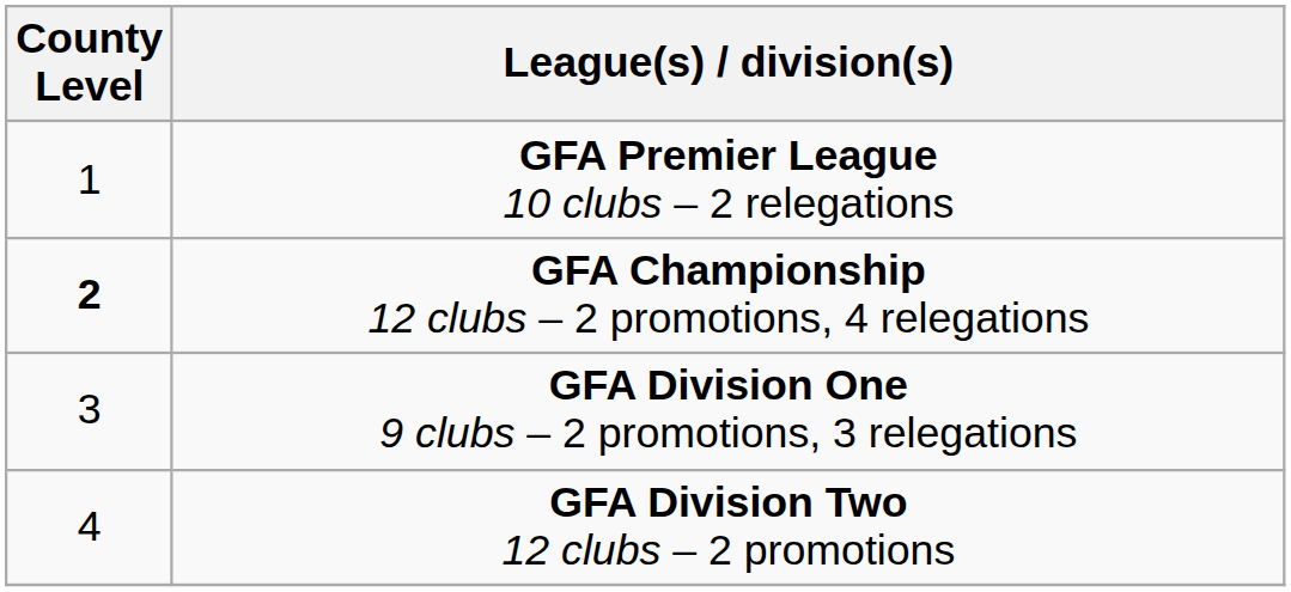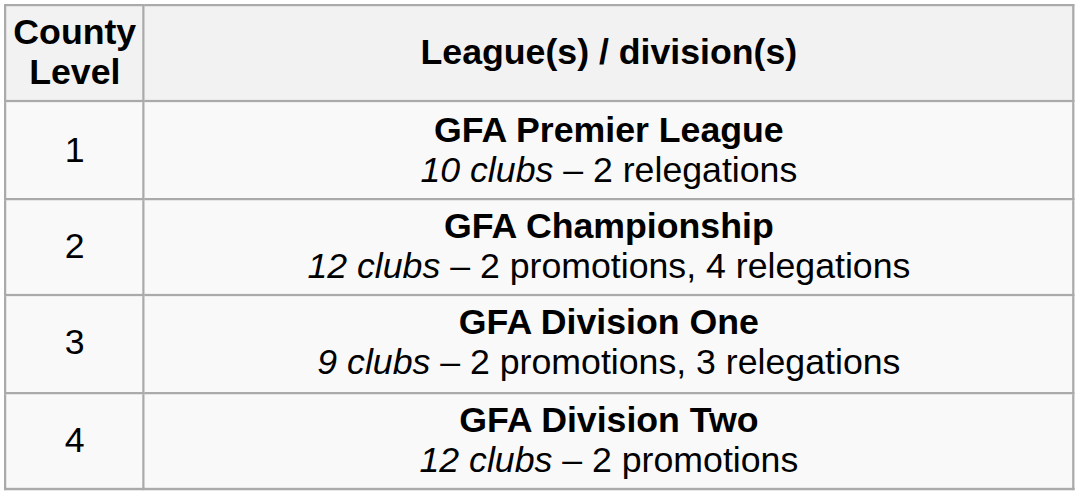 <table class="wikitable" style="text-align: center; max-width:30em;">
 <tr>
 <th width="4%">County Level</th>
 <th>League(s) / division(s)</th>
 </tr>
 <tr>
 <td>1</td>
 <td><strong>GFA Premier League</strong><br><em>10 clubs</em> – 2 relegations</td>
 </tr>
 <tr>
-<td><strong>2</strong></td>
+<td>2</td>
 <td><strong>GFA Championship</strong><br><em>12 clubs</em> – 2 promotions, 4 relegations</td>
 </tr>
 <tr>
 <td>3</td>
 <td><strong>GFA Division One</strong><br><em>9 clubs</em> – 2 promotions, 3 relegations</td>
 </tr>
 <tr>
 <td>4</td>
 <td><strong>GFA Division Two</strong><br><em>12 clubs</em> – 2 promotions</td>
 </tr>
 <tr>
 </tr>
 </table>
